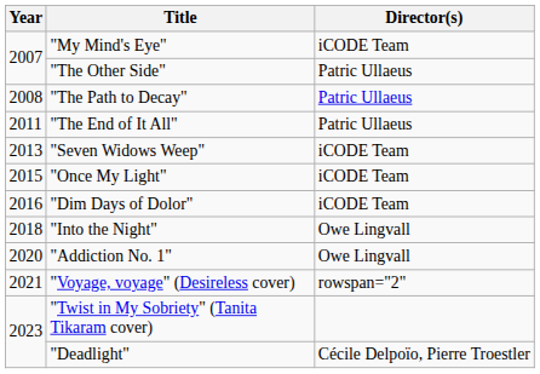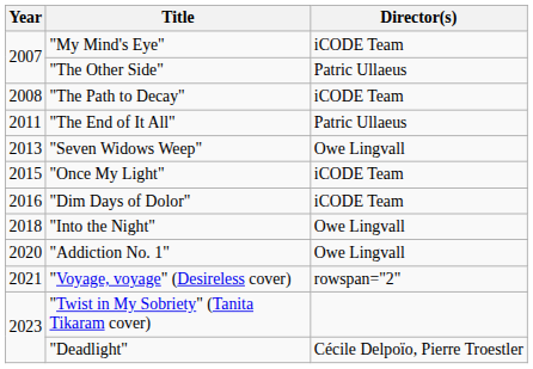 <table class="wikitable">
 <tr>
 <th>Year</th>
 <th width="250">Title</th>
 <th>Director(s)</th>
 </tr>
 <tr>
 <td rowspan="2">2007</td>
 <td>"My Mind's Eye"</td>
 <td>iCODE Team</td>
 </tr>
 <tr>
 <td>"The Other Side"</td>
 <td>Patric Ullaeus</td>
 </tr>
 <tr>
 <td>2008</td>
 <td>"The Path to Decay"</td>
-<td><a href='#'>Patric Ullaeus</a></td>
+<td>iCODE Team</td>
 </tr>
 <tr>
 <td>2011</td>
 <td>"The End of It All"</td>
 <td>Patric Ullaeus</td>
 </tr>
 <tr>
 <td>2013</td>
 <td>"Seven Widows Weep"</td>
-<td>iCODE Team</td>
+<td>Owe Lingvall</td>
 </tr>
 <tr>
 <td>2015</td>
 <td>"Once My Light"</td>
 <td>iCODE Team</td>
 </tr>
 <tr>
 <td>2016</td>
 <td>"Dim Days of Dolor"</td>
 <td>iCODE Team</td>
 </tr>
 <tr>
 <td>2018</td>
 <td>"Into the Night"</td>
 <td>Owe Lingvall</td>
 </tr>
 <tr>
 <td>2020</td>
 <td>"Addiction No. 1"</td>
 <td>Owe Lingvall</td>
 </tr>
 <tr>
 <td>2021</td>
 <td>"<a href='#'>Voyage, voyage</a>" (<a href='#'>Desireless</a> cover)</td>
 <td>rowspan="2" </td>
 </tr>
 <tr>
 <td rowspan="2">2023</td>
 <td>"<a href='#'>Twist in My Sobriety</a>" (<a href='#'>Tanita Tikaram</a> cover)</td>
 </tr>
 <tr>
 <td>"Deadlight"</td>
 <td>Cécile Delpoïo, Pierre Troestler</td>
 </tr>
 </table>
